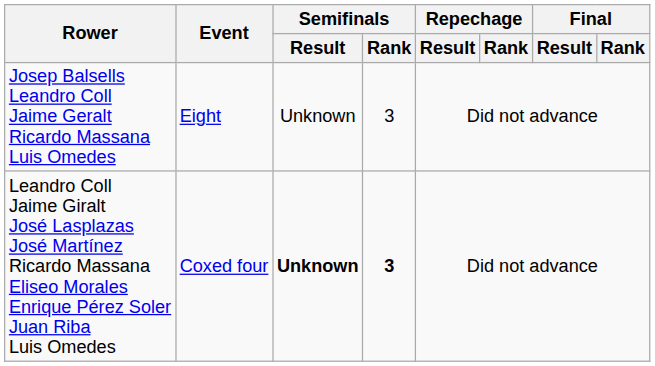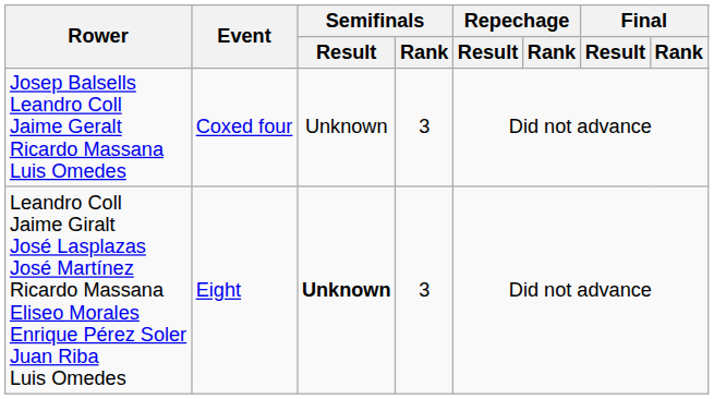 <table class=wikitable style="font-size:90%">
 <tr>
 <th rowspan=2>Rower</th>
 <th rowspan=2>Event</th>
 <th colspan=2>Semifinals</th>
 <th colspan=2>Repechage</th>
 <th colspan=2>Final</th>
 </tr>
 <tr>
 <th>Result</th>
 <th>Rank</th>
 <th>Result</th>
 <th>Rank</th>
 <th>Result</th>
 <th>Rank</th>
 </tr>
 <tr>
 <td><a href='#'>Josep Balsells</a> <br> <a href='#'>Leandro Coll</a> <br> <a href='#'>Jaime Geralt</a> <br> <a href='#'>Ricardo Massana</a> <br> <a href='#'>Luis Omedes</a></td>
-<td><a href='#'>Eight</a></td>
+<td><a href='#'>Coxed four</a></td>
 <td align=center>Unknown</td>
 <td align=center>3</td>
 <td align=center colspan=4>Did not advance</td>
 </tr>
 <tr>
 <td>Leandro Coll <br> Jaime Giralt <br> <a href='#'>José Lasplazas</a> <br> <a href='#'>José Martínez</a> <br> Ricardo Massana <br> <a href='#'>Eliseo Morales</a> <br> <a href='#'>Enrique Pérez Soler</a> <br> <a href='#'>Juan Riba</a> <br> Luis Omedes</td>
-<td><a href='#'>Coxed four</a></td>
+<td><a href='#'>Eight</a></td>
 <td align=center><strong>Unknown</strong></td>
-<td align=center><strong>3</strong></td>
+<td align=center>3</td>
 <td align=center colspan=4>Did not advance</td>
 </tr>
 </table>
